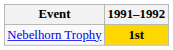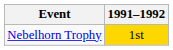 <table class="wikitable" style="text-align:center">
 <tr>
 <th>Event</th>
 <th>1991–1992</th>
 </tr>
 <tr>
 <td align=left><a href='#'>Nebelhorn Trophy</a></td>
-<td bgcolor=gold><strong>1st</strong></td>
+<td bgcolor=gold>1st</td>
 </tr>
 </table>
